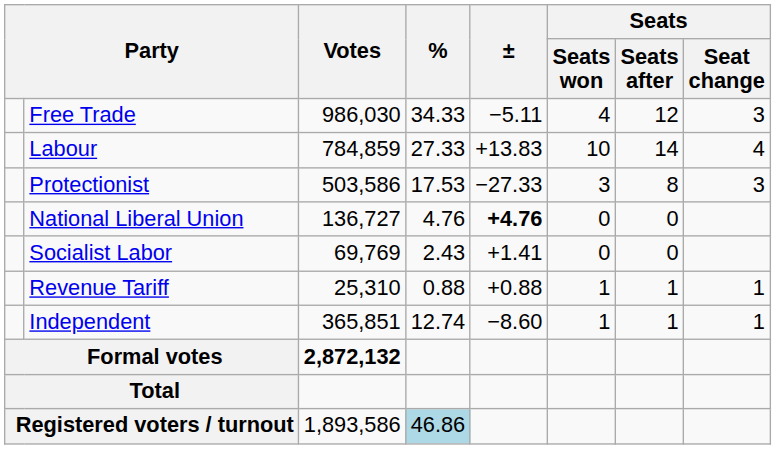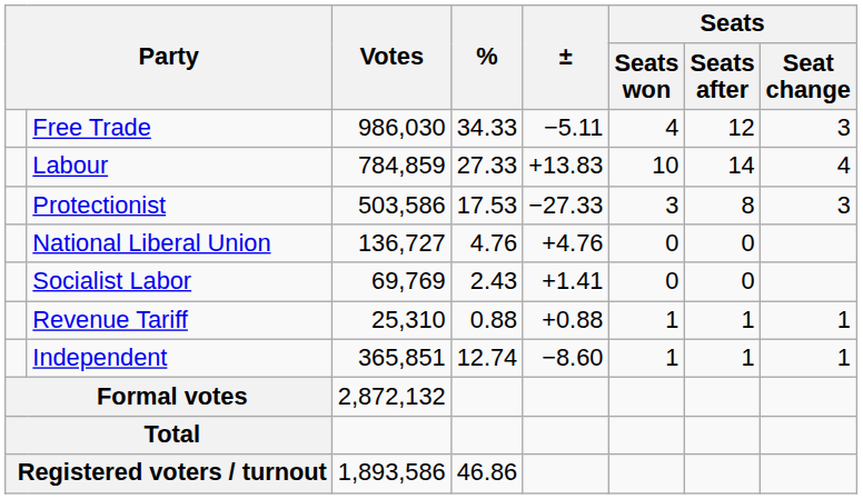 <table class="wikitable">
 <tr>
 <th colspan=2 style="width:180px" rowspan=2>Party</th>
 <th rowspan=2>Votes</th>
 <th rowspan=2>%</th>
 <th rowspan=2>±</th>
 <th colspan=3>Seats</th>
 </tr>
 <tr>
 <th>Seats<br>won</th>
 <th>Seats<br>after</th>
 <th>Seat<br>change</th>
 </tr>
 <tr>
 <td> </td>
 <td><a href='#'>Free Trade</a></td>
 <td style="text-align:right">986,030</td>
 <td style="text-align:right">34.33</td>
 <td style="text-align:right">−5.11</td>
 <td style="text-align:right">4</td>
 <td style="text-align:right">12</td>
 <td style="text-align:right"> 3</td>
 </tr>
 <tr>
 <td> </td>
 <td><a href='#'>Labour</a></td>
 <td style="text-align:right">784,859</td>
 <td style="text-align:right">27.33</td>
 <td style="text-align:right">+13.83</td>
 <td style="text-align:right">10</td>
 <td style="text-align:right">14</td>
 <td style="text-align:right"> 4</td>
 </tr>
 <tr>
 <td> </td>
 <td><a href='#'>Protectionist</a></td>
 <td style="text-align:right">503,586</td>
 <td style="text-align:right">17.53</td>
 <td style="text-align:right">−27.33</td>
 <td style="text-align:right">3</td>
 <td style="text-align:right">8</td>
 <td style="text-align:right"> 3</td>
 </tr>
 <tr>
 <td> </td>
 <td><a href='#'>National Liberal Union</a></td>
 <td style="text-align:right">136,727</td>
 <td style="text-align:right">4.76</td>
-<td style="text-align:right"><strong>+4.76</strong></td>
+<td style="text-align:right">+4.76</td>
 <td style="text-align:right">0</td>
 <td style="text-align:right">0</td>
 <td style="text-align:right"></td>
 </tr>
 <tr>
 <td> </td>
 <td><a href='#'>Socialist Labor</a></td>
 <td style="text-align:right">69,769</td>
 <td style="text-align:right">2.43</td>
 <td style="text-align:right">+1.41</td>
 <td style="text-align:right">0</td>
 <td style="text-align:right">0</td>
 <td style="text-align:right"></td>
 </tr>
 <tr>
 <td> </td>
 <td><a href='#'>Revenue Tariff</a></td>
 <td style="text-align:right">25,310</td>
 <td style="text-align:right">0.88</td>
 <td style="text-align:right">+0.88</td>
 <td style="text-align:right">1</td>
 <td style="text-align:right">1</td>
 <td style="text-align:right"> 1</td>
 </tr>
 <tr>
 <td> </td>
 <td><a href='#'>Independent</a></td>
 <td style="text-align:right">365,851</td>
 <td style="text-align:right">12.74</td>
 <td style="text-align:right">−8.60</td>
 <td style="text-align:right">1</td>
 <td style="text-align:right">1</td>
 <td style="text-align:right"> 1</td>
 </tr>
 <tr>
 <th colspan="2"> Formal votes</th>
-<td><strong>2,872,132</strong></td>
+<td>2,872,132</td>
 <td></td>
 <td></td>
 <td></td>
 <td></td>
 <td></td>
 </tr>
 <tr>
 <th colspan="2"> Total</th>
 <td></td>
 <td></td>
 <td></td>
 <td></td>
 <td></td>
 <td></td>
 </tr>
 <tr>
 <th colspan="2"> Registered voters / turnout</th>
 <td>1,893,586</td>
-<td style="background: lightblue;">46.86</td>
+<td>46.86</td>
 <td></td>
 <td></td>
 <td></td>
 <td></td>
 </tr>
 </table>
